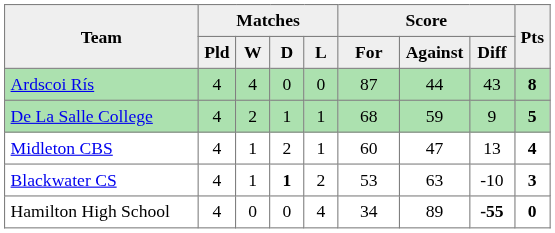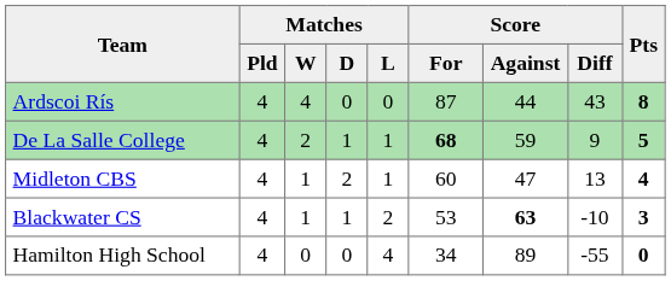 <table style=border-collapse:collapse border=1 cellspacing=0 cellpadding=5>
 <tr align=center bgcolor=#efefef>
 <th rowspan=2 width=165>Team</th>
 <th colspan=4>Matches</th>
 <th colspan=3>Score</th>
 <th rowspan=2width=20>Pts</th>
 </tr>
 <tr align=center bgcolor=#efefef>
 <th width=20>Pld</th>
 <th width=20>W</th>
 <th width=20>D</th>
 <th width=20>L</th>
 <th width=45>For</th>
 <th width=45>Against</th>
 <th width=30>Diff</th>
 </tr>
 <tr align=center style="background:#ACE1AF;">
 <td style="text-align:left;"><a href='#'>Ardscoi Rís</a></td>
 <td>4</td>
 <td>4</td>
 <td>0</td>
 <td>0</td>
 <td>87</td>
 <td>44</td>
 <td>43</td>
 <td><strong>8</strong></td>
 </tr>
 <tr align=center style="background:#ACE1AF;">
 <td style="text-align:left;"><a href='#'>De La Salle College</a></td>
 <td>4</td>
 <td>2</td>
 <td>1</td>
 <td>1</td>
-<td>68</td>
+<td><strong>68</strong></td>
 <td>59</td>
 <td>9</td>
 <td><strong>5</strong></td>
 </tr>
 <tr align=center>
 <td style="text-align:left;"><a href='#'>Midleton CBS</a></td>
 <td>4</td>
 <td>1</td>
 <td>2</td>
 <td>1</td>
 <td>60</td>
 <td>47</td>
 <td>13</td>
 <td><strong>4</strong></td>
 </tr>
 <tr align=center>
 <td style="text-align:left;"><a href='#'>Blackwater CS</a></td>
 <td>4</td>
 <td>1</td>
-<td><strong>1</strong></td>
+<td>1</td>
 <td>2</td>
 <td>53</td>
-<td>63</td>
+<td><strong>63</strong></td>
 <td>-10</td>
 <td><strong>3</strong></td>
 </tr>
 <tr align=center>
 <td style="text-align:left;">Hamilton High School</td>
 <td>4</td>
 <td>0</td>
 <td>0</td>
 <td>4</td>
 <td>34</td>
 <td>89</td>
-<td><strong>-55</strong></td>
+<td>-55</td>
 <td><strong>0</strong></td>
 </tr>
 </table>
